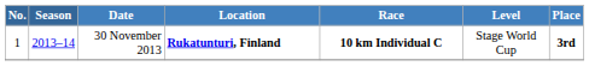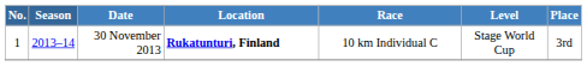 <table class="wikitable sortable" style="font-size:95%; text-align:center; border:grey solid 1px; border-collapse:collapse; background:#ffffff;">
 <tr style="background:#efefef;">
 <th style="background-color:#369; color:white;">No.</th>
 <th style="background-color:#369; color:white;">Season</th>
 <th style="background-color:#4180be; color:white; width:100px;">Date</th>
 <th style="background-color:#4180be; color:white; width:185px;">Location</th>
 <th style="background-color:#4180be; color:white; width:170px;">Race</th>
 <th style="background-color:#4180be; color:white; width:100px;">Level</th>
 <th style="background-color:#4180be; color:white;">Place</th>
 </tr>
 <tr>
 <td align=center>1</td>
 <td rowspan=1align=center><a href='#'>2013–14</a></td>
 <td align=right>30 November 2013</td>
 <td align=left><strong> <a href='#'>Rukatunturi</a>, Finland</strong></td>
-<td><strong>10 km Individual C</strong></td>
+<td>10 km Individual C</td>
 <td>Stage World Cup</td>
-<td><strong>3rd</strong></td>
+<td>3rd</td>
 </tr>
 <tr>
 </tr>
 </table>
